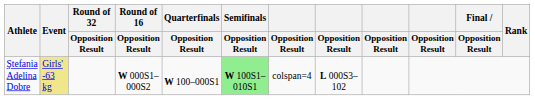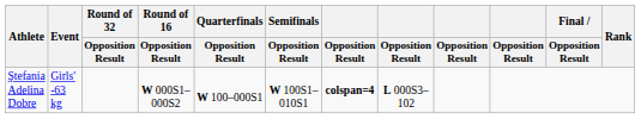 <table class="wikitable" style="font-size:90%">
 <tr>
 <th rowspan="2">Athlete</th>
 <th rowspan="2">Event</th>
 <th>Round of 32</th>
 <th>Round of 16</th>
 <th>Quarterfinals</th>
 <th>Semifinals</th>
 <th></th>
 <th></th>
 <th></th>
 <th></th>
 <th>Final / </th>
 <th rowspan=2>Rank</th>
 </tr>
 <tr style="font-size:95%">
 <th>Opposition<br>Result</th>
 <th>Opposition<br>Result</th>
 <th>Opposition<br>Result</th>
 <th>Opposition<br>Result</th>
 <th>Opposition<br>Result</th>
 <th>Opposition<br>Result</th>
 <th>Opposition<br>Result</th>
 <th>Opposition<br>Result</th>
 <th>Opposition<br>Result</th>
 </tr>
 <tr align=center>
 <td align=left><a href='#'>Ştefania Adelina Dobre</a></td>
-<td align=left style="background: khaki;"><a href='#'>Girls' -63 kg</a></td>
+<td align=left><a href='#'>Girls' -63 kg</a></td>
 <td></td>
 <td><br><strong>W</strong> 000S1–000S2</td>
 <td><br><strong>W</strong> 100–000S1</td>
-<td style="background: lightgreen;"><br><strong>W</strong> 100S1–010S1</td>
-<td>colspan=4 </td>
+<td><br><strong>W</strong> 100S1–010S1</td>
+<td><strong>colspan=4 </strong></td>
 <td><br><strong>L</strong> 000S3–102</td>
 <td></td>
 </tr>
 </table>
